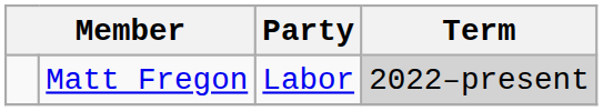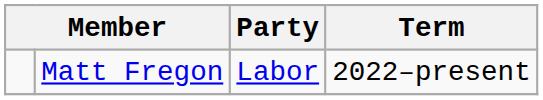 <table class="wikitable">
 <tr>
 <th colspan="2">Member</th>
 <th>Party</th>
 <th>Term</th>
 </tr>
 <tr>
 <td> </td>
 <td><a href='#'>Matt Fregon</a></td>
 <td><a href='#'>Labor</a></td>
-<td style="background: lightgrey;">2022–present</td>
+<td>2022–present</td>
 </tr>
 <tr>
 </tr>
 </table>
